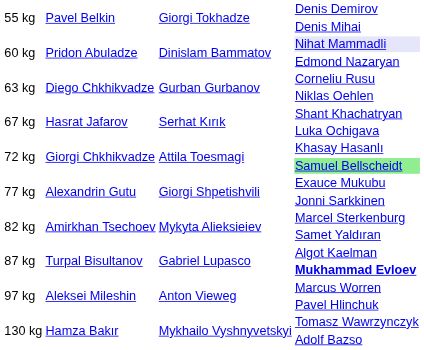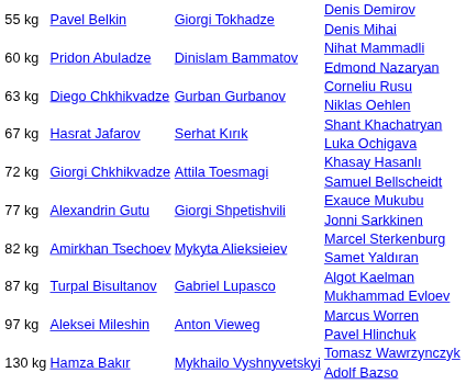 <table>
 <tr>
 <td rowspan=2>55 kg</td>
 <td rowspan=2> <a href='#'>Pavel Belkin</a></td>
 <td rowspan=2> <a href='#'>Giorgi Tokhadze</a></td>
 <td> <a href='#'>Denis Demirov</a></td>
 </tr>
 <tr>
 <td> <a href='#'>Denis Mihai</a></td>
 </tr>
 <tr>
 <td rowspan=2>60 kg</td>
 <td rowspan=2> <a href='#'>Pridon Abuladze</a></td>
 <td rowspan=2> <a href='#'>Dinislam Bammatov</a></td>
-<td style="background: lavender;"> <a href='#'>Nihat Mammadli</a></td>
+<td> <a href='#'>Nihat Mammadli</a></td>
 </tr>
 <tr>
 <td> <a href='#'>Edmond Nazaryan</a></td>
 </tr>
 <tr>
 <td rowspan=2>63 kg</td>
 <td rowspan=2> <a href='#'>Diego Chkhikvadze</a></td>
 <td rowspan=2> <a href='#'>Gurban Gurbanov</a></td>
 <td> <a href='#'>Corneliu Rusu</a></td>
 </tr>
 <tr>
 <td> <a href='#'>Niklas Oehlen</a></td>
 </tr>
 <tr>
 <td rowspan=2>67 kg</td>
 <td rowspan=2> <a href='#'>Hasrat Jafarov</a></td>
 <td rowspan=2> <a href='#'>Serhat Kırık</a></td>
 <td> <a href='#'>Shant Khachatryan</a></td>
 </tr>
 <tr>
 <td> <a href='#'>Luka Ochigava</a></td>
 </tr>
 <tr>
 <td rowspan=2>72 kg</td>
 <td rowspan=2> <a href='#'>Giorgi Chkhikvadze</a></td>
 <td rowspan=2> <a href='#'>Attila Toesmagi</a></td>
 <td> <a href='#'>Khasay Hasanlı</a></td>
 </tr>
 <tr>
-<td style="background: lightgreen;"> <a href='#'>Samuel Bellscheidt</a></td>
+<td> <a href='#'>Samuel Bellscheidt</a></td>
 </tr>
 <tr>
 <td rowspan=2>77 kg</td>
 <td rowspan=2> <a href='#'>Alexandrin Gutu</a></td>
 <td rowspan=2> <a href='#'>Giorgi Shpetishvili</a></td>
 <td> <a href='#'>Exauce Mukubu</a></td>
 </tr>
 <tr>
 <td> <a href='#'>Jonni Sarkkinen</a></td>
 </tr>
 <tr>
 <td rowspan=2>82 kg</td>
 <td rowspan=2> <a href='#'>Amirkhan Tsechoev</a></td>
 <td rowspan=2> <a href='#'>Mykyta Alieksieiev</a></td>
 <td> <a href='#'>Marcel Sterkenburg</a></td>
 </tr>
 <tr>
 <td> <a href='#'>Samet Yaldıran</a></td>
 </tr>
 <tr>
 <td rowspan=2>87 kg</td>
 <td rowspan=2> <a href='#'>Turpal Bisultanov</a></td>
 <td rowspan=2> <a href='#'>Gabriel Lupasco</a></td>
 <td> <a href='#'>Algot Kaelman</a></td>
 </tr>
 <tr>
-<td><strong> <a href='#'>Mukhammad Evloev</a></strong></td>
+<td> <a href='#'>Mukhammad Evloev</a></td>
 </tr>
 <tr>
 <td rowspan=2>97 kg</td>
 <td rowspan=2> <a href='#'>Aleksei Mileshin</a></td>
 <td rowspan=2> <a href='#'>Anton Vieweg</a></td>
 <td> <a href='#'>Marcus Worren</a></td>
 </tr>
 <tr>
 <td> <a href='#'>Pavel Hlinchuk</a></td>
 </tr>
 <tr>
 <td rowspan=2>130 kg</td>
 <td rowspan=2> <a href='#'>Hamza Bakır</a></td>
 <td rowspan=2> <a href='#'>Mykhailo Vyshnyvetskyi</a></td>
 <td> <a href='#'>Tomasz Wawrzynczyk</a></td>
 </tr>
 <tr>
 <td> <a href='#'>Adolf Bazso</a></td>
 </tr>
 </table>
